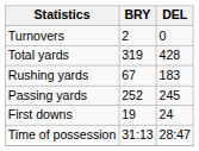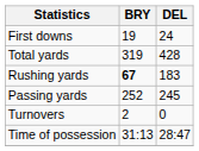 <table class="wikitable" style="float: left;">
 <tr>
 <th>Statistics</th>
 <th>BRY</th>
 <th>DEL</th>
 </tr>
 <tr>
-<td>Turnovers</td>
-<td>2</td>
-<td>0</td>
+<td>First downs</td>
+<td>19</td>
+<td>24</td>
 </tr>
 <tr>
 <td>Total yards</td>
 <td>319</td>
 <td>428</td>
 </tr>
 <tr>
 <td>Rushing yards</td>
-<td>67</td>
+<td><strong>67</strong></td>
 <td>183</td>
 </tr>
 <tr>
 <td>Passing yards</td>
 <td>252</td>
 <td>245</td>
 </tr>
 <tr>
-<td>First downs</td>
-<td>19</td>
-<td>24</td>
+<td>Turnovers</td>
+<td>2</td>
+<td>0</td>
 </tr>
 <tr>
 <td>Time of possession</td>
 <td>31:13</td>
 <td>28:47</td>
 </tr>
 <tr>
 </tr>
 </table>
